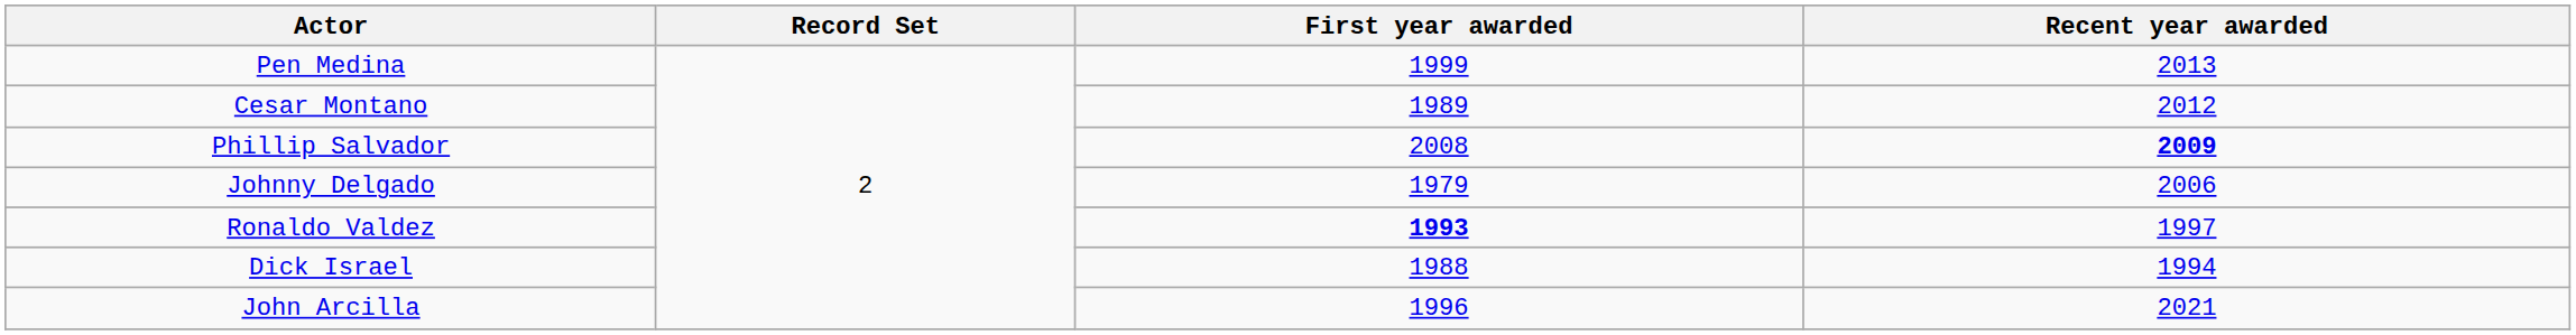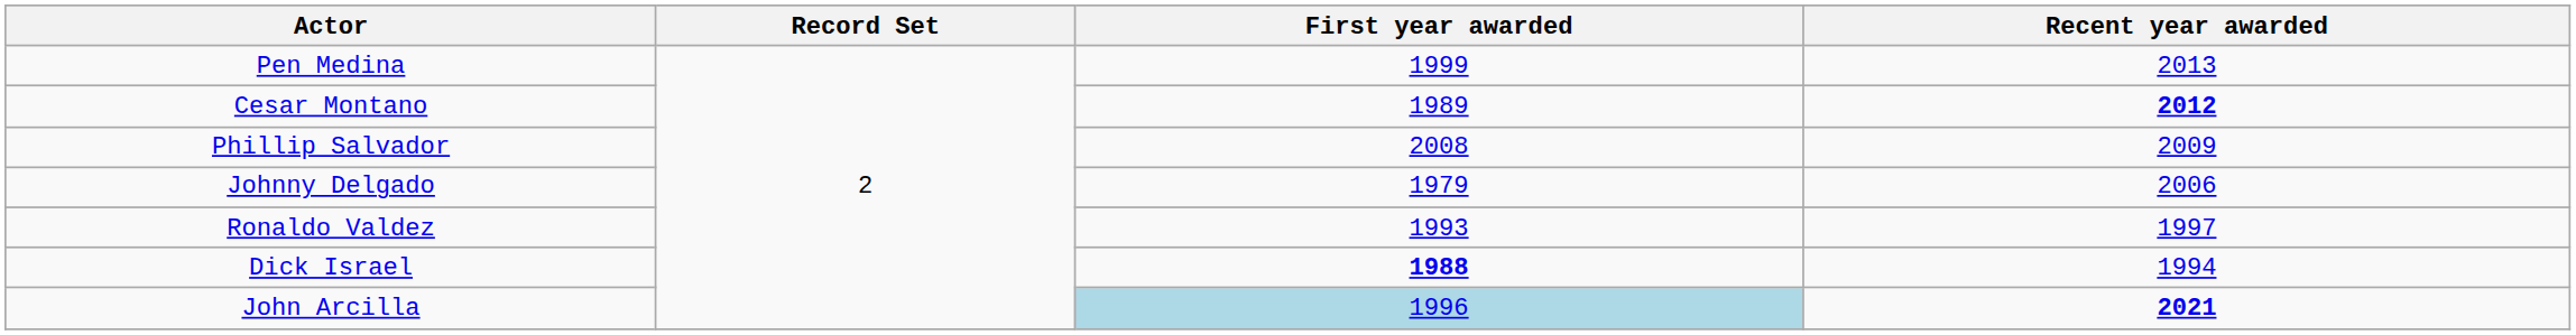 <table class="wikitable" width=85% style="text-align: center">
 <tr>
 <th>Actor</th>
 <th>Record Set</th>
 <th>First year awarded</th>
 <th>Recent year awarded</th>
 </tr>
 <tr>
 <td><a href='#'>Pen Medina</a></td>
 <td rowspan=7>2</td>
 <td><a href='#'>1999</a></td>
 <td><a href='#'>2013</a></td>
 </tr>
 <tr>
 <td><a href='#'>Cesar Montano</a></td>
 <td><a href='#'>1989</a></td>
-<td><a href='#'>2012</a></td>
+<td><strong><a href='#'>2012</a></strong></td>
 </tr>
 <tr>
 <td><a href='#'>Phillip Salvador</a></td>
 <td><a href='#'>2008</a></td>
-<td><strong><a href='#'>2009</a></strong></td>
+<td><a href='#'>2009</a></td>
 </tr>
 <tr>
 <td><a href='#'>Johnny Delgado</a></td>
 <td><a href='#'>1979</a></td>
 <td><a href='#'>2006</a></td>
 </tr>
 <tr>
 <td><a href='#'>Ronaldo Valdez</a></td>
-<td><strong><a href='#'>1993</a></strong></td>
+<td><a href='#'>1993</a></td>
 <td><a href='#'>1997</a></td>
 </tr>
 <tr>
 <td><a href='#'>Dick Israel</a></td>
-<td><a href='#'>1988</a></td>
+<td><strong><a href='#'>1988</a></strong></td>
 <td><a href='#'>1994</a></td>
 </tr>
 <tr>
 <td><a href='#'>John Arcilla</a></td>
-<td><a href='#'>1996</a></td>
-<td><a href='#'>2021</a></td>
+<td style="background: lightblue;"><a href='#'>1996</a></td>
+<td><strong><a href='#'>2021</a></strong></td>
 </tr>
 </table>
